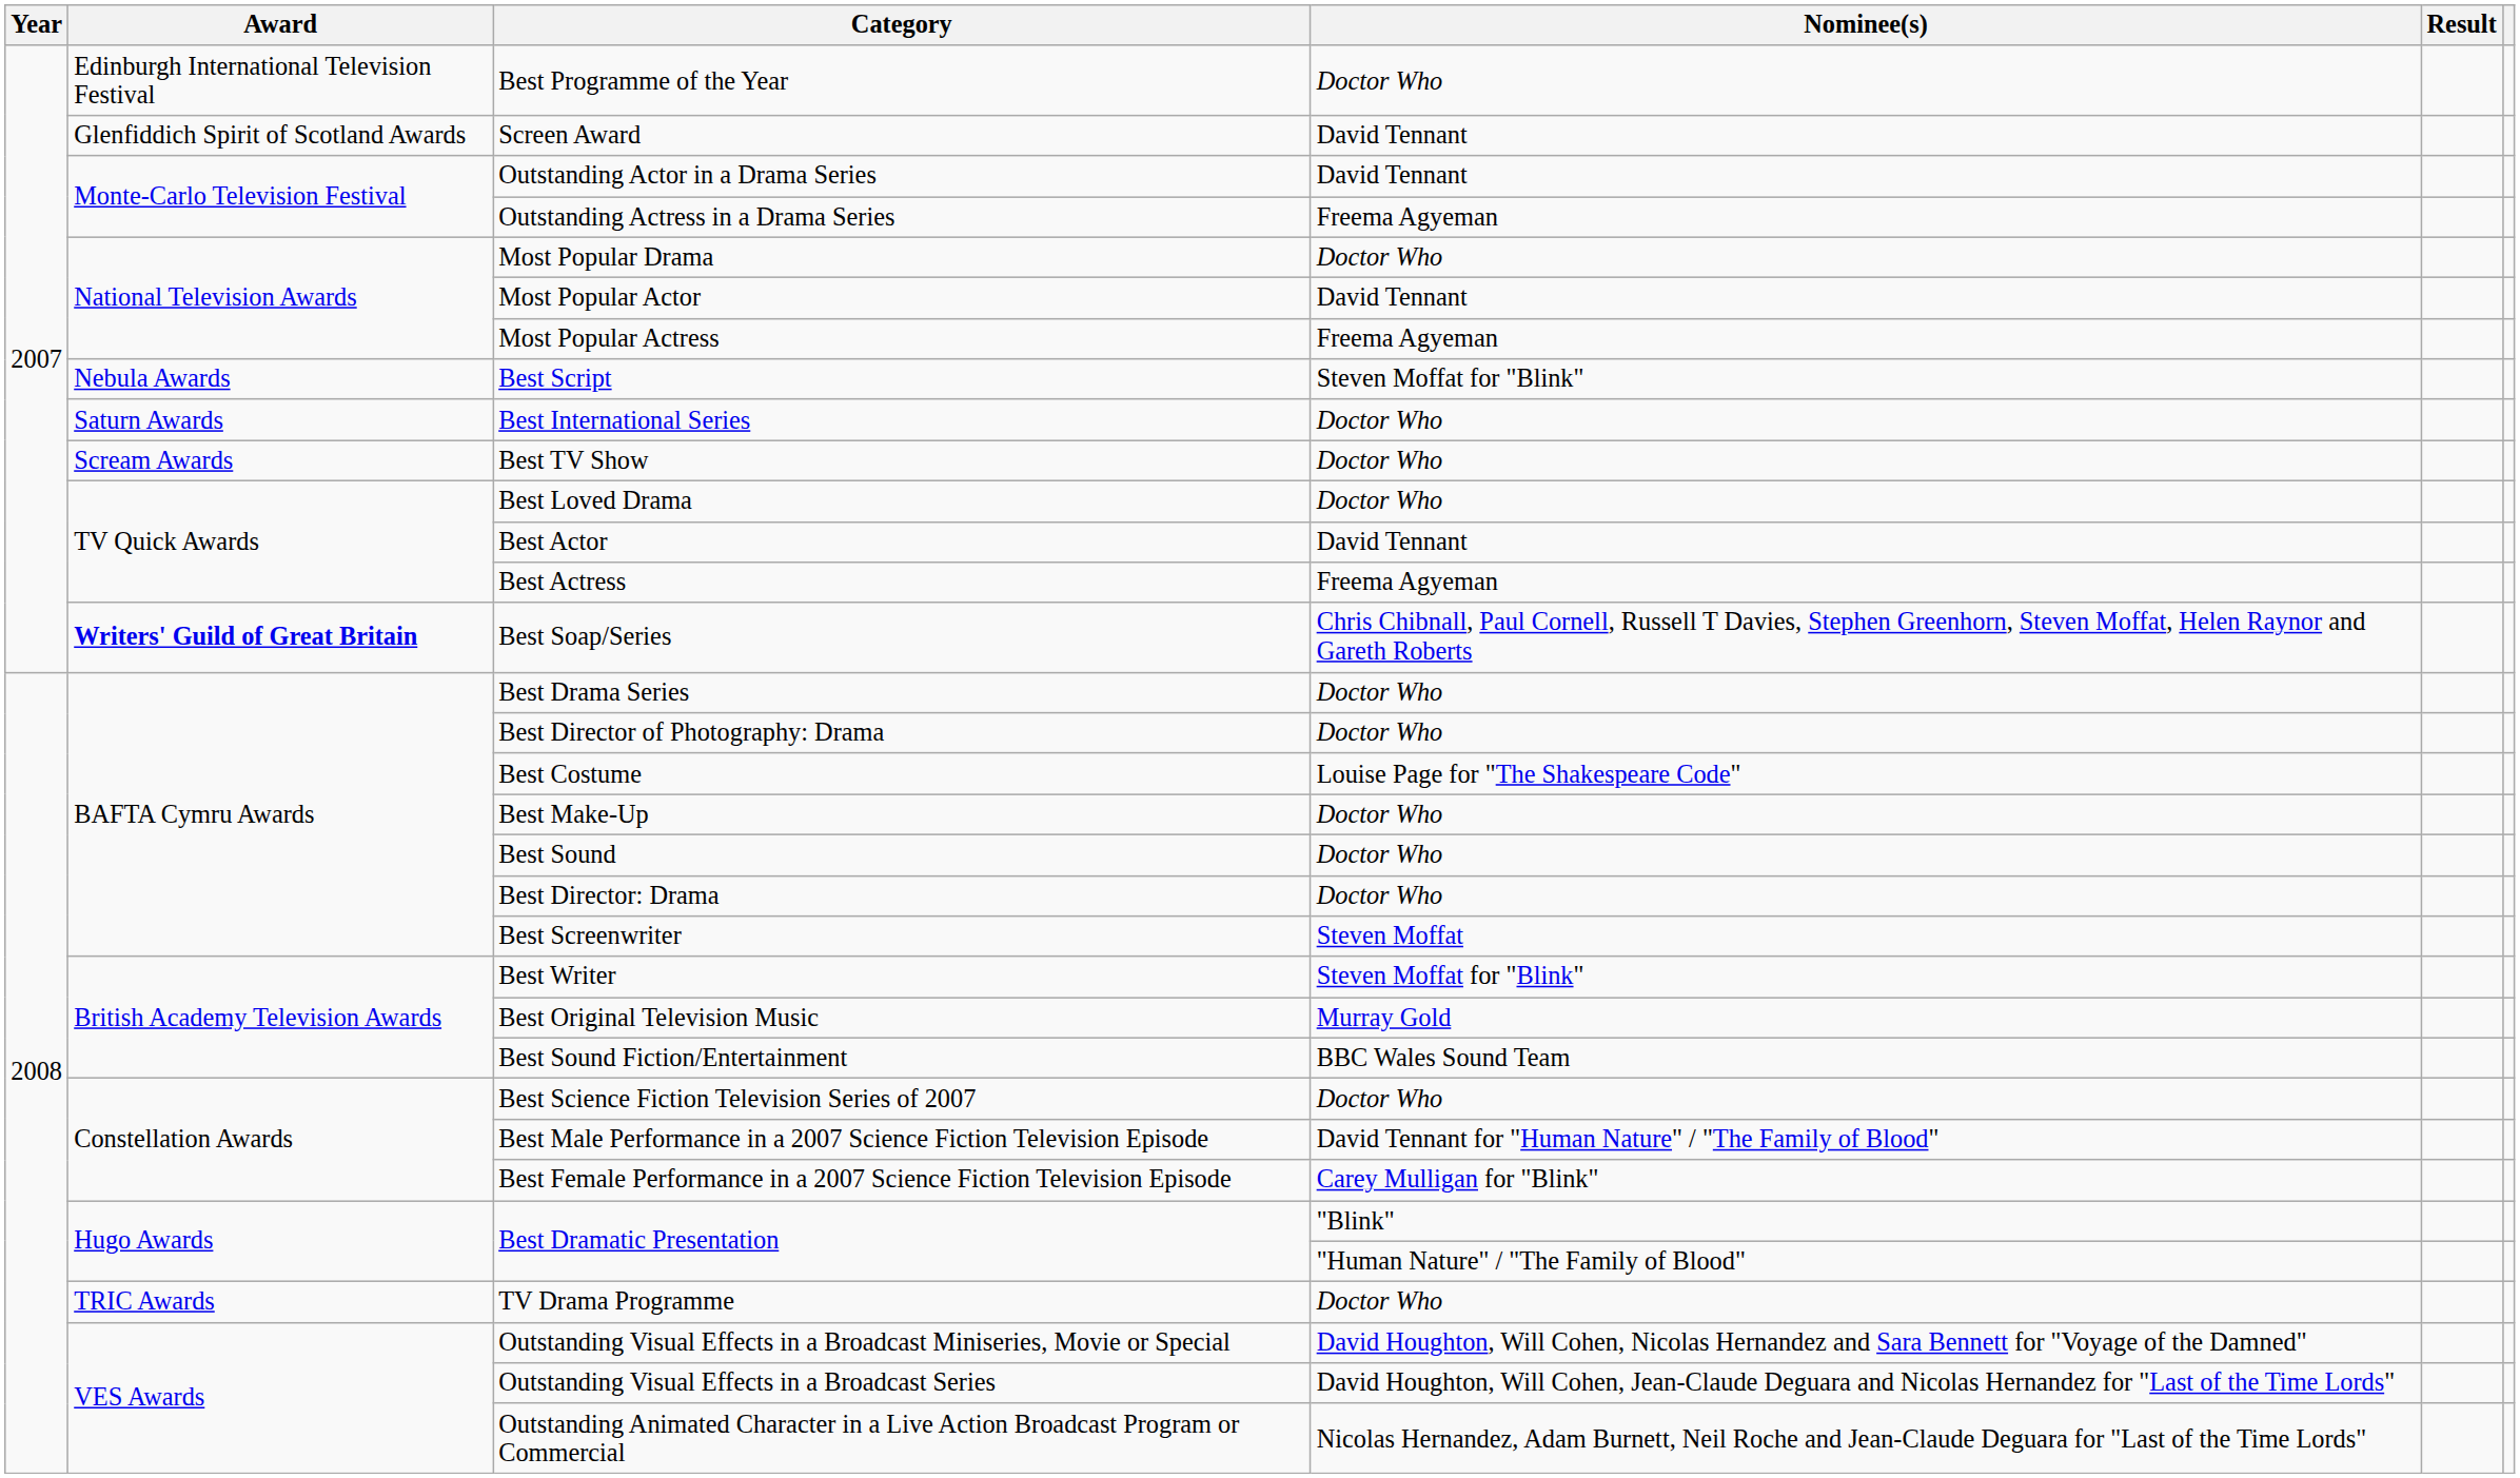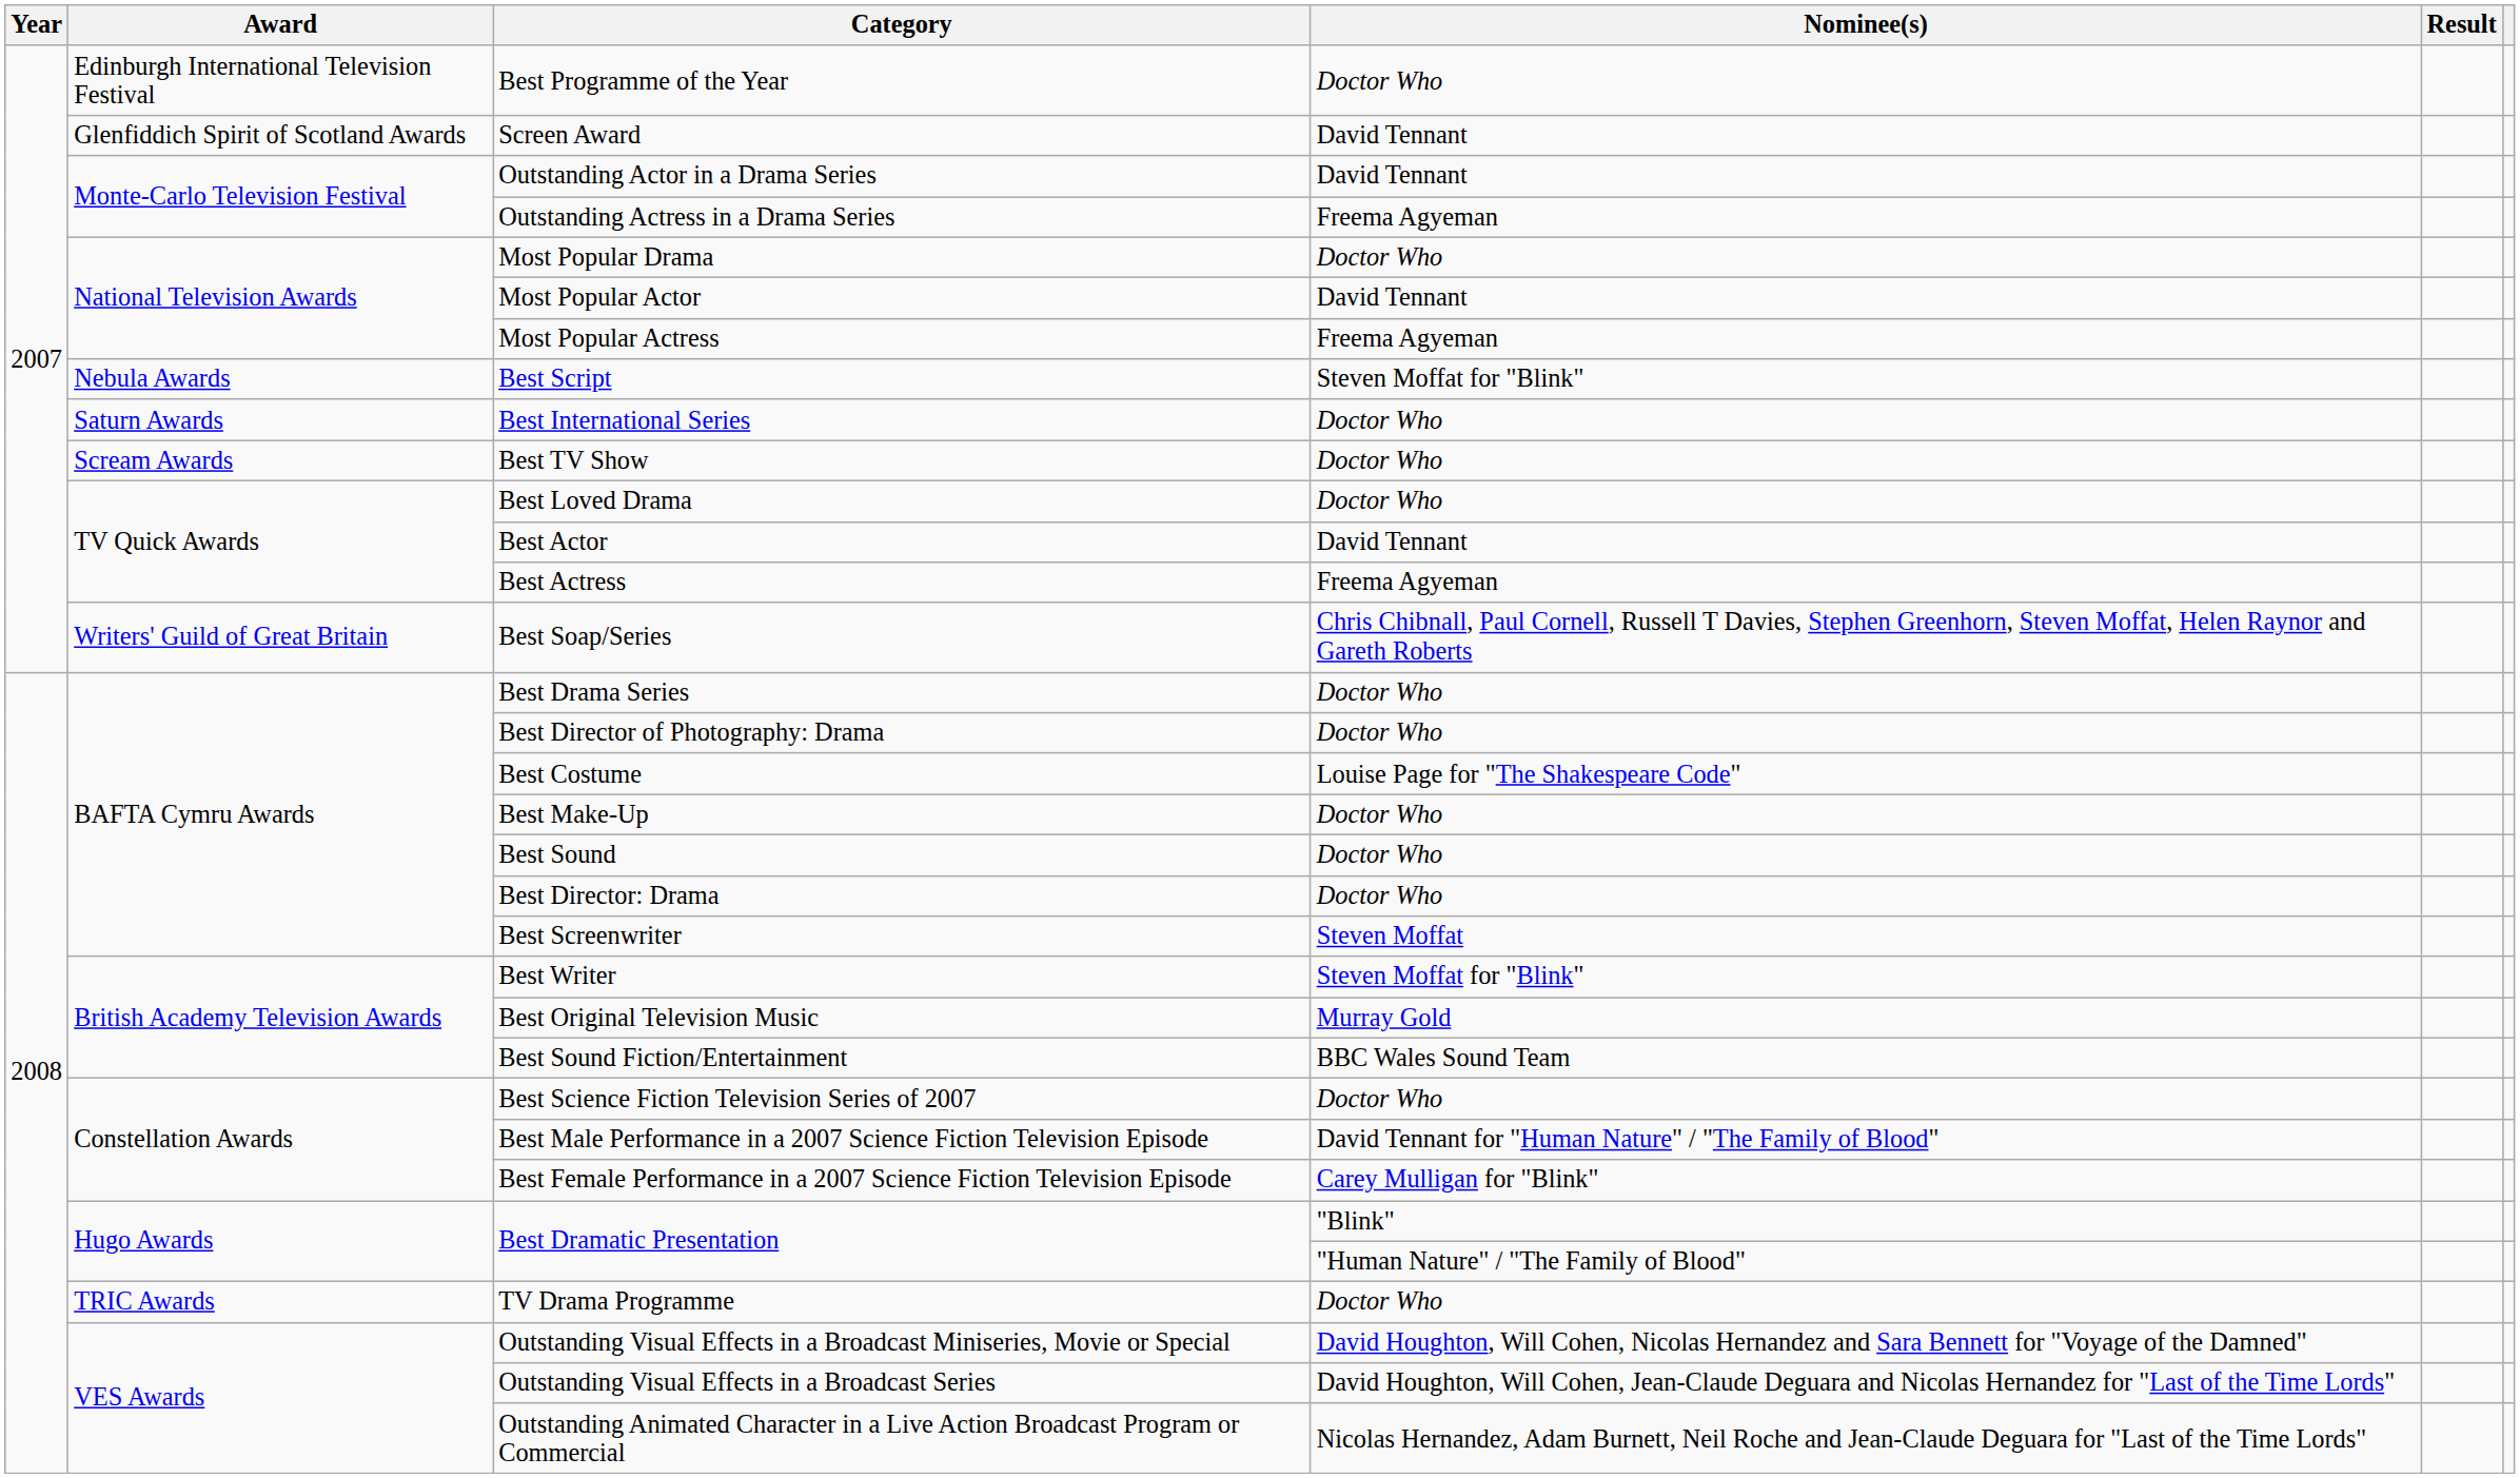 <table class="wikitable sortable">
 <tr>
 <th>Year</th>
 <th>Award</th>
 <th>Category</th>
 <th>Nominee(s)</th>
 <th>Result</th>
 <th></th>
 </tr>
 <tr>
 <td rowspan="14">2007</td>
 <td>Edinburgh International Television Festival</td>
 <td>Best Programme of the Year</td>
 <td><em>Doctor Who</em></td>
 <td></td>
 <td></td>
 </tr>
 <tr>
 <td>Glenfiddich Spirit of Scotland Awards</td>
 <td>Screen Award</td>
 <td>David Tennant</td>
 <td></td>
 <td></td>
 </tr>
 <tr>
 <td rowspan="2"><a href='#'>Monte-Carlo Television Festival</a></td>
 <td>Outstanding Actor in a Drama Series</td>
 <td>David Tennant</td>
 <td></td>
 <td></td>
 </tr>
 <tr>
 <td>Outstanding Actress in a Drama Series</td>
 <td>Freema Agyeman</td>
 <td></td>
 <td></td>
 </tr>
 <tr>
 <td rowspan="3"><a href='#'>National Television Awards</a></td>
 <td>Most Popular Drama</td>
 <td><em>Doctor Who</em></td>
 <td></td>
 <td></td>
 </tr>
 <tr>
 <td>Most Popular Actor</td>
 <td>David Tennant</td>
 <td></td>
 <td></td>
 </tr>
 <tr>
 <td>Most Popular Actress</td>
 <td>Freema Agyeman</td>
 <td></td>
 <td></td>
 </tr>
 <tr>
 <td><a href='#'>Nebula Awards</a></td>
 <td><a href='#'>Best Script</a></td>
 <td>Steven Moffat for "Blink"</td>
 <td></td>
 <td></td>
 </tr>
 <tr>
 <td><a href='#'>Saturn Awards</a></td>
 <td><a href='#'>Best International Series</a></td>
 <td><em>Doctor Who</em></td>
 <td></td>
 <td></td>
 </tr>
 <tr>
 <td><a href='#'>Scream Awards</a></td>
 <td>Best TV Show</td>
 <td><em>Doctor Who</em></td>
 <td></td>
 <td></td>
 </tr>
 <tr>
 <td rowspan="3">TV Quick Awards</td>
 <td>Best Loved Drama</td>
 <td><em>Doctor Who</em></td>
 <td></td>
 <td></td>
 </tr>
 <tr>
 <td>Best Actor</td>
 <td>David Tennant</td>
 <td></td>
 <td></td>
 </tr>
 <tr>
 <td>Best Actress</td>
 <td>Freema Agyeman</td>
 <td></td>
 <td></td>
 </tr>
 <tr>
-<td><strong><a href='#'>Writers' Guild of Great Britain</a></strong></td>
+<td><a href='#'>Writers' Guild of Great Britain</a></td>
 <td>Best Soap/Series</td>
 <td><a href='#'>Chris Chibnall</a>, <a href='#'>Paul Cornell</a>, Russell T Davies, <a href='#'>Stephen Greenhorn</a>, <a href='#'>Steven Moffat</a>, <a href='#'>Helen Raynor</a> and <a href='#'>Gareth Roberts</a></td>
 <td></td>
 <td></td>
 </tr>
 <tr>
 <td rowspan="19">2008</td>
 <td rowspan="7">BAFTA Cymru Awards</td>
 <td>Best Drama Series</td>
 <td><em>Doctor Who</em></td>
 <td></td>
 <td></td>
 </tr>
 <tr>
 <td>Best Director of Photography: Drama</td>
 <td><em>Doctor Who</em></td>
 <td></td>
 <td></td>
 </tr>
 <tr>
 <td>Best Costume</td>
 <td>Louise Page for "<a href='#'>The Shakespeare Code</a>"</td>
 <td></td>
 <td></td>
 </tr>
 <tr>
 <td>Best Make-Up</td>
 <td><em>Doctor Who</em></td>
 <td></td>
 <td></td>
 </tr>
 <tr>
 <td>Best Sound</td>
 <td><em>Doctor Who</em></td>
 <td></td>
 <td></td>
 </tr>
 <tr>
 <td>Best Director: Drama</td>
 <td><em>Doctor Who</em></td>
 <td></td>
 <td></td>
 </tr>
 <tr>
 <td>Best Screenwriter</td>
 <td><a href='#'>Steven Moffat</a></td>
 <td></td>
 <td></td>
 </tr>
 <tr>
 <td rowspan="3"><a href='#'>British Academy Television Awards</a></td>
 <td>Best Writer</td>
 <td><a href='#'>Steven Moffat</a> for "<a href='#'>Blink</a>"</td>
 <td></td>
 <td></td>
 </tr>
 <tr>
 <td>Best Original Television Music</td>
 <td><a href='#'>Murray Gold</a></td>
 <td></td>
 <td></td>
 </tr>
 <tr>
 <td>Best Sound Fiction/Entertainment</td>
 <td>BBC Wales Sound Team</td>
 <td></td>
 <td></td>
 </tr>
 <tr>
 <td rowspan="3">Constellation Awards</td>
 <td>Best Science Fiction Television Series of 2007</td>
 <td><em>Doctor Who</em></td>
 <td></td>
 <td></td>
 </tr>
 <tr>
 <td>Best Male Performance in a 2007 Science Fiction Television Episode</td>
 <td>David Tennant for "<a href='#'>Human Nature</a>" / "<a href='#'>The Family of Blood</a>"</td>
 <td></td>
 <td></td>
 </tr>
 <tr>
 <td>Best Female Performance in a 2007 Science Fiction Television Episode</td>
 <td><a href='#'>Carey Mulligan</a> for "Blink"</td>
 <td></td>
 <td></td>
 </tr>
 <tr>
 <td rowspan="2"><a href='#'>Hugo Awards</a></td>
 <td rowspan="2"><a href='#'>Best Dramatic Presentation</a></td>
 <td>"Blink"</td>
 <td></td>
 <td></td>
 </tr>
 <tr>
 <td>"Human Nature" / "The Family of Blood"</td>
 <td></td>
 <td></td>
 </tr>
 <tr>
 <td><a href='#'>TRIC Awards</a></td>
 <td>TV Drama Programme</td>
 <td><em>Doctor Who</em></td>
 <td></td>
 <td></td>
 </tr>
 <tr>
 <td rowspan="3"><a href='#'>VES Awards</a></td>
 <td>Outstanding Visual Effects in a Broadcast Miniseries, Movie or Special</td>
 <td><a href='#'>David Houghton</a>, Will Cohen, Nicolas Hernandez and <a href='#'>Sara Bennett</a> for "Voyage of the Damned"</td>
 <td></td>
 <td></td>
 </tr>
 <tr>
 <td>Outstanding Visual Effects in a Broadcast Series</td>
 <td>David Houghton, Will Cohen, Jean-Claude Deguara and Nicolas Hernandez for "<a href='#'>Last of the Time Lords</a>"</td>
 <td></td>
 <td></td>
 </tr>
 <tr>
 <td>Outstanding Animated Character in a Live Action Broadcast Program or Commercial</td>
 <td>Nicolas Hernandez, Adam Burnett, Neil Roche and Jean-Claude Deguara for "Last of the Time Lords"</td>
 <td></td>
 <td></td>
 </tr>
 </table>
